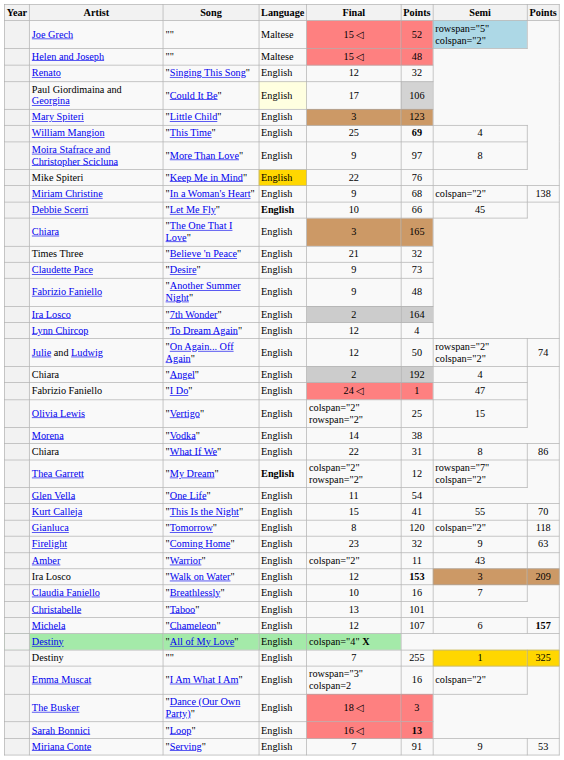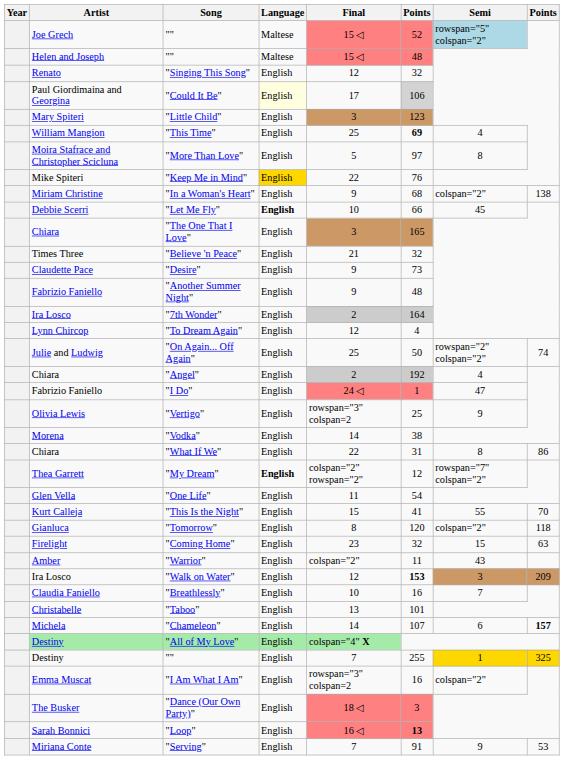 <table class="wikitable sortable plainrowheaders">
 <tr>
 <th scope="col">Year</th>
 <th scope="col">Artist</th>
 <th scope="col">Song</th>
 <th scope="col">Language</th>
 <th scope="col" data-sort-type="number">Final</th>
 <th scope="col" data-sort-type="number">Points</th>
 <th scope="col" data-sort-type="number">Semi</th>
 <th scope="col" data-sort-type="number">Points</th>
 </tr>
 <tr>
 <th scope="row" style="text-align:center;"></th>
 <td><a href='#'>Joe Grech</a></td>
 <td>""</td>
 <td>Maltese</td>
 <td style="text-align:center; background-color:#FE8080;">15 ◁</td>
 <td style="text-align:center; background-color:#FE8080;">52</td>
 <td style="background: lightblue;">rowspan="5" colspan="2" </td>
 </tr>
 <tr>
 <th scope="row" style="text-align:center;"></th>
 <td><a href='#'>Helen and Joseph</a></td>
 <td>""</td>
 <td>Maltese</td>
 <td style="text-align:center; background-color:#FE8080;">15 ◁</td>
 <td style="text-align:center; background-color:#FE8080;">48</td>
 </tr>
 <tr>
 <th scope="row" style="text-align:center;"></th>
 <td><a href='#'>Renato</a></td>
 <td>"<a href='#'>Singing This Song</a>"</td>
 <td>English</td>
 <td style="text-align:center;">12</td>
 <td style="text-align:center;">32</td>
 </tr>
 <tr>
 <th scope="row" style="text-align:center;"></th>
 <td>Paul Giordimaina and <a href='#'>Georgina</a></td>
 <td>"<a href='#'>Could It Be</a>"</td>
 <td style="background: lightyellow;">English</td>
 <td style="text-align:center;">17</td>
 <td style="background: lightgrey; text-align:center;">106</td>
 </tr>
 <tr>
 <th scope="row" style="text-align:center;"></th>
 <td><a href='#'>Mary Spiteri</a></td>
 <td>"<a href='#'>Little Child</a>"</td>
 <td>English</td>
 <td style="text-align:center; background-color:#C96;">3</td>
 <td style="text-align:center; background-color:#C96;">123</td>
 </tr>
 <tr>
 <th scope="row" style="text-align:center;"></th>
 <td><a href='#'>William Mangion</a></td>
 <td>"<a href='#'>This Time</a>"</td>
 <td>English</td>
 <td style="text-align:center;">25</td>
 <td style="text-align:center;"><strong>69</strong></td>
 <td style="text-align:center;">4</td>
 </tr>
 <tr>
 <th scope="row" style="text-align:center;"></th>
 <td><a href='#'>Moira Stafrace and Christopher Scicluna</a></td>
 <td>"<a href='#'>More Than Love</a>"</td>
 <td>English</td>
-<td style="text-align:center;">9</td>
+<td style="text-align:center;">5</td>
 <td style="text-align:center;">97</td>
 <td style="text-align:center;">8</td>
 </tr>
 <tr>
 <th scope="row" style="text-align:center;"></th>
 <td>Mike Spiteri</td>
 <td>"<a href='#'>Keep Me in Mind</a>"</td>
 <td style="background: gold;">English</td>
 <td style="text-align:center;">22</td>
 <td style="text-align:center;">76</td>
 </tr>
 <tr>
 <th scope="row" style="text-align:center;"></th>
 <td><a href='#'>Miriam Christine</a></td>
 <td>"<a href='#'>In a Woman's Heart</a>"</td>
 <td>English</td>
 <td style="text-align:center;">9</td>
 <td style="text-align:center;">68</td>
 <td>colspan="2" </td>
 <td style="text-align:center;">138</td>
 </tr>
 <tr>
 <th scope="row" style="text-align:center;"></th>
 <td><a href='#'>Debbie Scerri</a></td>
 <td>"<a href='#'>Let Me Fly</a>"</td>
 <td><strong>English</strong></td>
 <td style="text-align:center;">10</td>
 <td style="text-align:center;">66</td>
 <td style="text-align:center;">45</td>
 </tr>
 <tr>
 <th scope="row" style="text-align:center;"></th>
 <td><a href='#'>Chiara</a></td>
 <td>"<a href='#'>The One That I Love</a>"</td>
 <td>English</td>
 <td style="text-align:center; background-color:#C96;">3</td>
 <td style="text-align:center; background-color:#C96;">165</td>
 </tr>
 <tr>
 <th scope="row" style="text-align:center;"></th>
 <td>Times Three</td>
 <td>"<a href='#'>Believe 'n Peace</a>"</td>
 <td>English</td>
 <td style="text-align:center;">21</td>
 <td style="text-align:center;">32</td>
 </tr>
 <tr>
 <th scope="row" style="text-align:center;"></th>
 <td><a href='#'>Claudette Pace</a></td>
 <td>"<a href='#'>Desire</a>"</td>
 <td>English</td>
 <td style="text-align:center;">9</td>
 <td style="text-align:center;">73</td>
 </tr>
 <tr>
 <th scope="row" style="text-align:center;"></th>
 <td><a href='#'>Fabrizio Faniello</a></td>
 <td>"<a href='#'>Another Summer Night</a>"</td>
 <td>English</td>
 <td style="text-align:center;">9</td>
 <td style="text-align:center;">48</td>
 </tr>
 <tr>
 <th scope="row" style="text-align:center;"></th>
 <td><a href='#'>Ira Losco</a></td>
 <td>"<a href='#'>7th Wonder</a>"</td>
 <td>English</td>
 <td style="text-align:center; background-color:#CCC;">2</td>
 <td style="text-align:center; background-color:#CCC;">164</td>
 </tr>
 <tr>
 <th scope="row" style="text-align:center;"></th>
 <td><a href='#'>Lynn Chircop</a></td>
 <td>"<a href='#'>To Dream Again</a>"</td>
 <td>English</td>
 <td style="text-align:center;">12</td>
 <td style="text-align:center;">4</td>
 </tr>
 <tr>
 <th scope="row" style="text-align:center;"></th>
 <td><a href='#'>Julie</a> and <a href='#'>Ludwig</a></td>
 <td>"<a href='#'>On Again... Off Again</a>"</td>
 <td>English</td>
-<td style="text-align:center;">12</td>
+<td style="text-align:center;">25</td>
 <td style="text-align:center;">50</td>
 <td>rowspan="2" colspan="2" </td>
 <td style="text-align:center;">74</td>
 </tr>
 <tr>
 <th scope="row" style="text-align:center;"></th>
 <td>Chiara</td>
 <td>"<a href='#'>Angel</a>"</td>
 <td>English</td>
 <td style="text-align:center; background-color:#CCC;">2</td>
 <td style="text-align:center; background-color:#CCC;">192</td>
 <td style="text-align:center;">4</td>
 </tr>
 <tr>
 <th scope="row" style="text-align:center;"></th>
 <td>Fabrizio Faniello</td>
 <td>"<a href='#'>I Do</a>"</td>
 <td>English</td>
 <td style="text-align:center; background-color:#FE8080;">24 ◁</td>
 <td style="text-align:center; background-color:#FE8080;">1</td>
 <td style="text-align:center;">47</td>
 </tr>
 <tr>
 <th scope="row" style="text-align:center;"></th>
 <td><a href='#'>Olivia Lewis</a></td>
 <td>"<a href='#'>Vertigo</a>"</td>
 <td>English</td>
-<td>colspan="2" rowspan="2" </td>
+<td>rowspan="3" colspan=2 </td>
 <td style="text-align:center;">25</td>
-<td style="text-align:center;">15</td>
+<td style="text-align:center;">9</td>
 </tr>
 <tr>
 <th scope="row" style="text-align:center;"></th>
 <td><a href='#'>Morena</a></td>
 <td>"<a href='#'>Vodka</a>"</td>
 <td>English</td>
 <td style="text-align:center;">14</td>
 <td style="text-align:center;">38</td>
 </tr>
 <tr>
 <th scope="row" style="text-align:center;"></th>
 <td>Chiara</td>
 <td>"<a href='#'>What If We</a>"</td>
 <td>English</td>
 <td style="text-align:center;">22</td>
 <td style="text-align:center;">31</td>
 <td style="text-align:center;">8</td>
 <td style="text-align:center;">86</td>
 </tr>
 <tr>
 <th scope="row" style="text-align:center;"></th>
 <td><a href='#'>Thea Garrett</a></td>
 <td>"<a href='#'>My Dream</a>"</td>
 <td><strong>English</strong></td>
 <td>colspan="2" rowspan="2" </td>
 <td style="text-align:center;">12</td>
 <td>rowspan="7" colspan="2" </td>
 </tr>
 <tr>
 <th scope="row" style="text-align:center;"></th>
 <td><a href='#'>Glen Vella</a></td>
 <td>"<a href='#'>One Life</a>"</td>
 <td>English</td>
 <td style="text-align:center;">11</td>
 <td style="text-align:center;">54</td>
 </tr>
 <tr>
 <th scope="row" style="text-align:center;"></th>
 <td><a href='#'>Kurt Calleja</a></td>
 <td>"<a href='#'>This Is the Night</a>"</td>
 <td>English</td>
 <td style="text-align:center;">15</td>
 <td style="text-align:center;">41</td>
 <td style="text-align:center;">55</td>
 <td style="text-align:center;">70</td>
 </tr>
 <tr>
 <th scope="row" style="text-align:center;"></th>
 <td><a href='#'>Gianluca</a></td>
 <td>"<a href='#'>Tomorrow</a>"</td>
 <td>English</td>
 <td style="text-align:center;">8</td>
 <td style="text-align:center;">120</td>
 <td>colspan="2" </td>
 <td style="text-align:center;">118</td>
 </tr>
 <tr>
 <th scope="row" style="text-align:center;"></th>
 <td><a href='#'>Firelight</a></td>
 <td>"<a href='#'>Coming Home</a>"</td>
 <td>English</td>
 <td style="text-align:center;">23</td>
 <td style="text-align:center;">32</td>
-<td style="text-align:center;">9</td>
+<td style="text-align:center;">15</td>
 <td style="text-align:center;">63</td>
 </tr>
 <tr>
 <th scope="row" style="text-align:center;"></th>
 <td><a href='#'>Amber</a></td>
 <td>"<a href='#'>Warrior</a>"</td>
 <td>English</td>
 <td>colspan="2" </td>
 <td style="text-align:center;">11</td>
 <td style="text-align:center;">43</td>
 </tr>
 <tr>
 <th scope="row" style="text-align:center;"></th>
 <td>Ira Losco</td>
 <td>"<a href='#'>Walk on Water</a>"</td>
 <td>English</td>
 <td style="text-align:center;">12</td>
 <td style="text-align:center;"><strong>153</strong></td>
 <td style="text-align:center; background-color:#C96;">3</td>
 <td style="text-align:center; background-color:#C96;">209</td>
 </tr>
 <tr>
 <th scope="row" style="text-align:center;"></th>
 <td><a href='#'>Claudia Faniello</a></td>
 <td>"<a href='#'>Breathlessly</a>"</td>
 <td>English</td>
 <td style="text-align:center;">10</td>
 <td style="text-align:center;">16</td>
 <td style="text-align:center;">7</td>
 </tr>
 <tr>
 <th scope="row" style="text-align:center;"></th>
 <td><a href='#'>Christabelle</a></td>
 <td>"<a href='#'>Taboo</a>"</td>
 <td>English</td>
 <td style="text-align:center;">13</td>
 <td style="text-align:center;">101</td>
 </tr>
 <tr>
 <th scope="row" style="text-align:center;"></th>
 <td><a href='#'>Michela</a></td>
 <td>"<a href='#'>Chameleon</a>"</td>
 <td>English</td>
-<td style="text-align:center;">12</td>
+<td style="text-align:center;">14</td>
 <td style="text-align:center;">107</td>
 <td style="text-align:center;">6</td>
 <td style="text-align:center;"><strong>157</strong></td>
 </tr>
 <tr style="background-color:#A4EAA9;">
 <th scope="row" style="text-align:center;"></th>
 <td><a href='#'>Destiny</a></td>
 <td>"<a href='#'>All of My Love</a>"</td>
 <td>English</td>
 <td>colspan="4"  <strong>X</strong></td>
 </tr>
 <tr>
 <th scope="row" style="text-align:center;"></th>
 <td>Destiny</td>
 <td>""</td>
 <td>English</td>
 <td style="text-align:center;">7</td>
 <td style="text-align:center;">255</td>
 <td style="text-align:center; background-color:#FFD700;">1</td>
 <td style="text-align:center; background-color:#FFD700;">325</td>
 </tr>
 <tr>
 <th scope="row" style="text-align:center;"></th>
 <td><a href='#'>Emma Muscat</a></td>
 <td>"<a href='#'>I Am What I Am</a>"</td>
 <td>English</td>
 <td>rowspan="3" colspan=2 </td>
 <td style="text-align:center;">16</td>
 <td>colspan="2" </td>
 </tr>
 <tr>
 <th scope="row" style="text-align:center;"></th>
 <td><a href='#'>The Busker</a></td>
 <td>"<a href='#'>Dance (Our Own Party)</a>"</td>
 <td>English</td>
 <td style="text-align:center; background-color:#FE8080;">18 ◁</td>
 <td style="text-align:center; background-color:#FE8080;">3</td>
 </tr>
 <tr>
 <th scope="row" style="text-align:center;"></th>
 <td><a href='#'>Sarah Bonnici</a></td>
 <td>"<a href='#'>Loop</a>"</td>
 <td>English</td>
 <td style="text-align:center; background-color:#FE8080;">16 ◁</td>
 <td style="text-align:center; background-color:#FE8080;"><strong>13</strong></td>
 </tr>
 <tr>
 <th scope="row" style="text-align:center;"></th>
 <td><a href='#'>Miriana Conte</a></td>
 <td>"<a href='#'>Serving</a>"</td>
 <td>English</td>
 <td style="text-align:center;">7</td>
 <td style="text-align:center;">91</td>
 <td style="text-align:center;">9</td>
 <td style="text-align:center;">53</td>
 </tr>
 </table>
